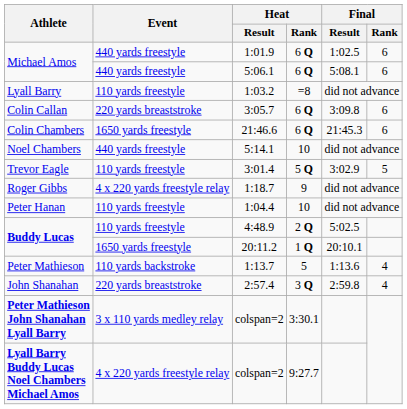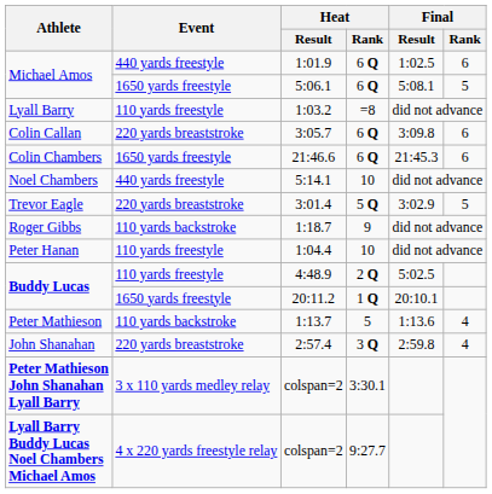 <table class=wikitable style=font-size:90%>
 <tr>
 <th rowspan=2>Athlete</th>
 <th rowspan=2>Event</th>
 <th colspan=2>Heat</th>
 <th colspan=2>Final</th>
 </tr>
 <tr style=font-size:95%>
 <th>Result</th>
 <th>Rank</th>
 <th>Result</th>
 <th>Rank</th>
 </tr>
 <tr align=center>
 <td align=left rowspan=2><a href='#'>Michael Amos</a></td>
 <td align=left><a href='#'>440 yards freestyle</a></td>
 <td>1:01.9</td>
 <td>6 <strong>Q</strong></td>
 <td>1:02.5</td>
 <td>6</td>
 </tr>
 <tr align=center>
-<td align=left><a href='#'>440 yards freestyle</a></td>
+<td align=left><a href='#'>1650 yards freestyle</a></td>
 <td>5:06.1</td>
 <td>6 <strong>Q</strong></td>
 <td>5:08.1</td>
-<td>6</td>
+<td>5</td>
 </tr>
 <tr align=center>
 <td align=left><a href='#'>Lyall Barry</a></td>
 <td align=left><a href='#'>110 yards freestyle</a></td>
 <td>1:03.2</td>
 <td>=8</td>
 <td colspan=2>did not advance</td>
 </tr>
 <tr align=center>
 <td align=left><a href='#'>Colin Callan</a></td>
 <td align=left><a href='#'>220 yards breaststroke</a></td>
 <td>3:05.7</td>
 <td>6 <strong>Q</strong></td>
 <td>3:09.8</td>
 <td>6</td>
 </tr>
 <tr align=center>
 <td align=left><a href='#'>Colin Chambers</a></td>
 <td align=left><a href='#'>1650 yards freestyle</a></td>
 <td>21:46.6</td>
 <td>6 <strong>Q</strong></td>
 <td>21:45.3</td>
 <td>6</td>
 </tr>
 <tr align=center>
 <td align=left><a href='#'>Noel Chambers</a></td>
 <td align=left><a href='#'>440 yards freestyle</a></td>
 <td>5:14.1</td>
 <td>10</td>
 <td colspan=2>did not advance</td>
 </tr>
 <tr align=center>
 <td align=left><a href='#'>Trevor Eagle</a></td>
-<td align=left><a href='#'>110 yards freestyle</a></td>
+<td align=left><a href='#'>220 yards breaststroke</a></td>
 <td>3:01.4</td>
 <td>5 <strong>Q</strong></td>
 <td>3:02.9</td>
 <td>5</td>
 </tr>
 <tr align=center>
 <td align=left><a href='#'>Roger Gibbs</a></td>
-<td align=left><a href='#'>4 x 220 yards freestyle relay</a></td>
+<td align=left><a href='#'>110 yards backstroke</a></td>
 <td>1:18.7</td>
 <td>9</td>
 <td colspan=2>did not advance</td>
 </tr>
 <tr align=center>
 <td align=left><a href='#'>Peter Hanan</a></td>
 <td align=left><a href='#'>110 yards freestyle</a></td>
 <td>1:04.4</td>
 <td>10</td>
 <td colspan=2>did not advance</td>
 </tr>
 <tr align=center>
 <td align=left rowspan=2><strong><a href='#'>Buddy Lucas</a></strong></td>
 <td align=left><a href='#'>110 yards freestyle</a></td>
 <td>4:48.9</td>
 <td>2 <strong>Q</strong></td>
 <td>5:02.5</td>
 <td></td>
 </tr>
 <tr align=center>
 <td align=left><a href='#'>1650 yards freestyle</a></td>
 <td>20:11.2</td>
 <td>1 <strong>Q</strong></td>
 <td>20:10.1</td>
 <td></td>
 </tr>
 <tr align=center>
 <td align=left><a href='#'>Peter Mathieson</a></td>
 <td align=left><a href='#'>110 yards backstroke</a></td>
 <td>1:13.7</td>
 <td>5</td>
 <td>1:13.6</td>
 <td>4</td>
 </tr>
 <tr align=center>
 <td align=left><a href='#'>John Shanahan</a></td>
 <td align=left><a href='#'>220 yards breaststroke</a></td>
 <td>2:57.4</td>
 <td>3 <strong>Q</strong></td>
 <td>2:59.8</td>
 <td>4</td>
 </tr>
 <tr align=center>
 <td align=left><strong><a href='#'>Peter Mathieson</a><br><a href='#'>John Shanahan</a><br><a href='#'>Lyall Barry</a></strong></td>
 <td align=left><a href='#'>3 x 110 yards medley relay</a></td>
 <td>colspan=2 </td>
 <td>3:30.1</td>
 <td></td>
 </tr>
 <tr align=center>
 <td align=left><strong><a href='#'>Lyall Barry</a><br><a href='#'>Buddy Lucas</a><br><a href='#'>Noel Chambers</a><br><a href='#'>Michael Amos</a></strong></td>
 <td align=left><a href='#'>4 x 220 yards freestyle relay</a></td>
 <td>colspan=2 </td>
 <td>9:27.7</td>
 <td></td>
 </tr>
 </table>
